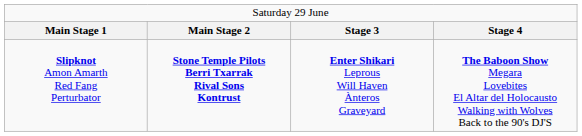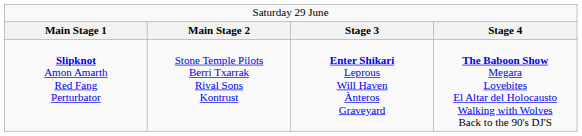 <table class="wikitable">
 <tr>
 <td colspan="4" style="text-align:center;">Saturday 29 June</td>
 </tr>
 <tr>
 <th>Main Stage 1</th>
 <th>Main Stage 2</th>
 <th>Stage 3</th>
 <th>Stage 4</th>
 </tr>
 <tr>
 <td style="text-align:center; vertical-align:top; width:200px;"><br><strong><a href='#'>Slipknot</a></strong><br> <a href='#'>Amon Amarth</a><br> <a href='#'>Red Fang</a> <br> <a href='#'>Perturbator</a><br></td>
-<td style="text-align:center; vertical-align:top; width:200px;"><strong><br><a href='#'>Stone Temple Pilots</a><br> <a href='#'>Berri Txarrak</a><br> <a href='#'>Rival Sons</a><br> <a href='#'>Kontrust</a><br></strong></td>
+<td style="text-align:center; vertical-align:top; width:200px;"><br><a href='#'>Stone Temple Pilots</a><br> <a href='#'>Berri Txarrak</a><br> <a href='#'>Rival Sons</a><br> <a href='#'>Kontrust</a><br></td>
 <td style="text-align:center; vertical-align:top; width:200px;"><br><strong><a href='#'>Enter Shikari</a></strong><br> <a href='#'>Leprous</a><br> <a href='#'>Will Haven</a><br> <a href='#'>Ànteros</a><br> <a href='#'>Graveyard</a><br></td>
 <td style="text-align:center; vertical-align:top; width:200px;"><br><strong><a href='#'>The Baboon Show</a></strong><br> <a href='#'>Megara</a><br> <a href='#'>Lovebites</a><br> <a href='#'>El Altar del Holocausto</a><br> <a href='#'>Walking with Wolves</a><br> Back to the 90's DJ'S<br></td>
 </tr>
 </table>
